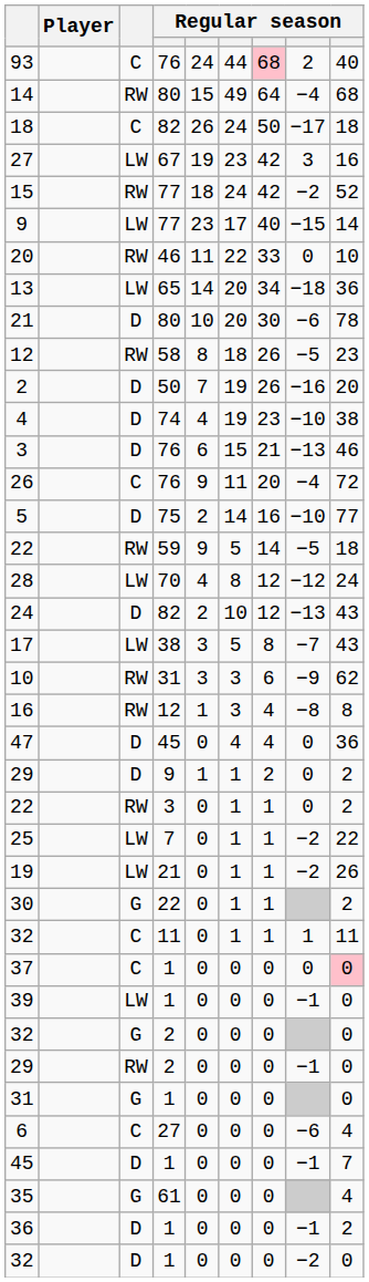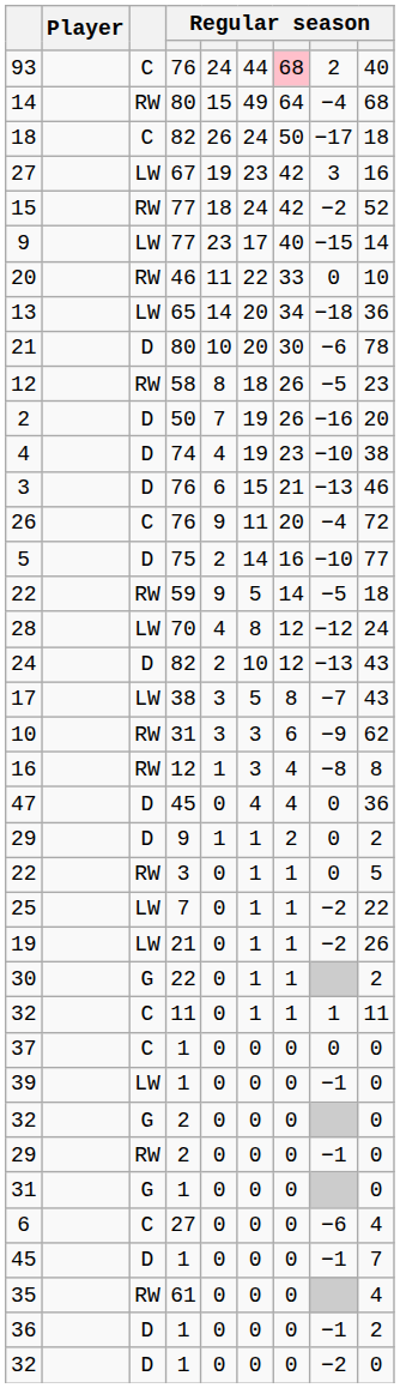 <table class="wikitable sortable plainrowheaders" style="text-align:center;">
 <tr>
 <th scope="col" data-sort-type="number" rowspan="2"></th>
 <th scope="col" rowspan="2">Player</th>
 <th scope="col" rowspan="2"></th>
 <th scope=colgroup colspan=6>Regular season</th>
 </tr>
 <tr>
 <th scope="col" data-sort-type="number"></th>
 <th scope="col" data-sort-type="number"></th>
 <th scope="col" data-sort-type="number"></th>
 <th scope="col" data-sort-type="number"></th>
 <th scope="col" data-sort-type="number"></th>
 <th scope="col" data-sort-type="number"></th>
 </tr>
 <tr>
 <td scope="row">93</td>
 <td align="left"></td>
 <td>C</td>
 <td>76</td>
 <td>24</td>
 <td>44</td>
 <td style="background: pink;">68</td>
 <td>2</td>
 <td>40</td>
 </tr>
 <tr>
 <td scope="row">14</td>
 <td align="left"></td>
 <td>RW</td>
 <td>80</td>
 <td>15</td>
 <td>49</td>
 <td>64</td>
 <td>−4</td>
 <td>68</td>
 </tr>
 <tr>
 <td scope="row">18</td>
 <td align="left"></td>
 <td>C</td>
 <td>82</td>
 <td>26</td>
 <td>24</td>
 <td>50</td>
 <td>−17</td>
 <td>18</td>
 </tr>
 <tr>
 <td scope="row">27</td>
 <td align="left"></td>
 <td>LW</td>
 <td>67</td>
 <td>19</td>
 <td>23</td>
 <td>42</td>
 <td>3</td>
 <td>16</td>
 </tr>
 <tr>
 <td scope="row">15</td>
 <td align="left"></td>
 <td>RW</td>
 <td>77</td>
 <td>18</td>
 <td>24</td>
 <td>42</td>
 <td>−2</td>
 <td>52</td>
 </tr>
 <tr>
 <td scope="row">9</td>
 <td align="left"></td>
 <td>LW</td>
 <td>77</td>
 <td>23</td>
 <td>17</td>
 <td>40</td>
 <td>−15</td>
 <td>14</td>
 </tr>
 <tr>
 <td scope="row">20</td>
 <td align="left"></td>
 <td>RW</td>
 <td>46</td>
 <td>11</td>
 <td>22</td>
 <td>33</td>
 <td>0</td>
 <td>10</td>
 </tr>
 <tr>
 <td scope="row">13</td>
 <td align="left"></td>
 <td>LW</td>
 <td>65</td>
 <td>14</td>
 <td>20</td>
 <td>34</td>
 <td>−18</td>
 <td>36</td>
 </tr>
 <tr>
 <td scope="row">21</td>
 <td align="left"></td>
 <td>D</td>
 <td>80</td>
 <td>10</td>
 <td>20</td>
 <td>30</td>
 <td>−6</td>
 <td>78</td>
 </tr>
 <tr>
 <td scope="row">12</td>
 <td align="left"></td>
 <td>RW</td>
 <td>58</td>
 <td>8</td>
 <td>18</td>
 <td>26</td>
 <td>−5</td>
 <td>23</td>
 </tr>
 <tr>
 <td scope="row">2</td>
 <td align="left"></td>
 <td>D</td>
 <td>50</td>
 <td>7</td>
 <td>19</td>
 <td>26</td>
 <td>−16</td>
 <td>20</td>
 </tr>
 <tr>
 <td scope="row">4</td>
 <td align="left"></td>
 <td>D</td>
 <td>74</td>
 <td>4</td>
 <td>19</td>
 <td>23</td>
 <td>−10</td>
 <td>38</td>
 </tr>
 <tr>
 <td scope="row">3</td>
 <td align="left"></td>
 <td>D</td>
 <td>76</td>
 <td>6</td>
 <td>15</td>
 <td>21</td>
 <td>−13</td>
 <td>46</td>
 </tr>
 <tr>
 <td scope="row">26</td>
 <td align="left"></td>
 <td>C</td>
 <td>76</td>
 <td>9</td>
 <td>11</td>
 <td>20</td>
 <td>−4</td>
 <td>72</td>
 </tr>
 <tr>
 <td scope="row">5</td>
 <td align="left"></td>
 <td>D</td>
 <td>75</td>
 <td>2</td>
 <td>14</td>
 <td>16</td>
 <td>−10</td>
 <td>77</td>
 </tr>
 <tr>
 <td scope="row">22</td>
 <td align="left"></td>
 <td>RW</td>
 <td>59</td>
 <td>9</td>
 <td>5</td>
 <td>14</td>
 <td>−5</td>
 <td>18</td>
 </tr>
 <tr>
 <td scope="row">28</td>
 <td align="left"></td>
 <td>LW</td>
 <td>70</td>
 <td>4</td>
 <td>8</td>
 <td>12</td>
 <td>−12</td>
 <td>24</td>
 </tr>
 <tr>
 <td scope="row">24</td>
 <td align="left"></td>
 <td>D</td>
 <td>82</td>
 <td>2</td>
 <td>10</td>
 <td>12</td>
 <td>−13</td>
 <td>43</td>
 </tr>
 <tr>
 <td scope="row">17</td>
 <td align="left"></td>
 <td>LW</td>
 <td>38</td>
 <td>3</td>
 <td>5</td>
 <td>8</td>
 <td>−7</td>
 <td>43</td>
 </tr>
 <tr>
 <td scope="row">10</td>
 <td align="left"></td>
 <td>RW</td>
 <td>31</td>
 <td>3</td>
 <td>3</td>
 <td>6</td>
 <td>−9</td>
 <td>62</td>
 </tr>
 <tr>
 <td scope="row">16</td>
 <td align="left"></td>
 <td>RW</td>
 <td>12</td>
 <td>1</td>
 <td>3</td>
 <td>4</td>
 <td>−8</td>
 <td>8</td>
 </tr>
 <tr>
 <td scope="row">47</td>
 <td align="left"></td>
 <td>D</td>
 <td>45</td>
 <td>0</td>
 <td>4</td>
 <td>4</td>
 <td>0</td>
 <td>36</td>
 </tr>
 <tr>
 <td scope="row">29</td>
 <td align="left"></td>
 <td>D</td>
 <td>9</td>
 <td>1</td>
 <td>1</td>
 <td>2</td>
 <td>0</td>
 <td>2</td>
 </tr>
 <tr>
 <td scope="row">22</td>
 <td align="left"></td>
 <td>RW</td>
 <td>3</td>
 <td>0</td>
 <td>1</td>
 <td>1</td>
 <td>0</td>
-<td>2</td>
+<td>5</td>
 </tr>
 <tr>
 <td scope="row">25</td>
 <td align="left"></td>
 <td>LW</td>
 <td>7</td>
 <td>0</td>
 <td>1</td>
 <td>1</td>
 <td>−2</td>
 <td>22</td>
 </tr>
 <tr>
 <td scope="row">19</td>
 <td align="left"></td>
 <td>LW</td>
 <td>21</td>
 <td>0</td>
 <td>1</td>
 <td>1</td>
 <td>−2</td>
 <td>26</td>
 </tr>
 <tr>
 <td scope="row">30</td>
 <td align="left"></td>
 <td>G</td>
 <td>22</td>
 <td>0</td>
 <td>1</td>
 <td>1</td>
 <td style="background:#ccc"></td>
 <td>2</td>
 </tr>
 <tr>
 <td scope="row">32</td>
 <td align="left"></td>
 <td>C</td>
 <td>11</td>
 <td>0</td>
 <td>1</td>
 <td>1</td>
 <td>1</td>
 <td>11</td>
 </tr>
 <tr>
 <td scope="row">37</td>
 <td align="left"></td>
 <td>C</td>
 <td>1</td>
 <td>0</td>
 <td>0</td>
 <td>0</td>
 <td>0</td>
-<td style="background: pink;">0</td>
+<td>0</td>
 </tr>
 <tr>
 <td scope="row">39</td>
 <td align="left"></td>
 <td>LW</td>
 <td>1</td>
 <td>0</td>
 <td>0</td>
 <td>0</td>
 <td>−1</td>
 <td>0</td>
 </tr>
 <tr>
 <td scope="row">32</td>
 <td align="left"></td>
 <td>G</td>
 <td>2</td>
 <td>0</td>
 <td>0</td>
 <td>0</td>
 <td style="background:#ccc"></td>
 <td>0</td>
 </tr>
 <tr>
 <td scope="row">29</td>
 <td align="left"></td>
 <td>RW</td>
 <td>2</td>
 <td>0</td>
 <td>0</td>
 <td>0</td>
 <td>−1</td>
 <td>0</td>
 </tr>
 <tr>
 <td scope="row">31</td>
 <td align="left"></td>
 <td>G</td>
 <td>1</td>
 <td>0</td>
 <td>0</td>
 <td>0</td>
 <td style="background:#ccc"></td>
 <td>0</td>
 </tr>
 <tr>
 <td scope="row">6</td>
 <td align="left"></td>
 <td>C</td>
 <td>27</td>
 <td>0</td>
 <td>0</td>
 <td>0</td>
 <td>−6</td>
 <td>4</td>
 </tr>
 <tr>
 <td scope="row">45</td>
 <td align="left"></td>
 <td>D</td>
 <td>1</td>
 <td>0</td>
 <td>0</td>
 <td>0</td>
 <td>−1</td>
 <td>7</td>
 </tr>
 <tr>
 <td scope="row">35</td>
 <td align="left"></td>
-<td>G</td>
+<td>RW</td>
 <td>61</td>
 <td>0</td>
 <td>0</td>
 <td>0</td>
 <td style="background:#ccc"></td>
 <td>4</td>
 </tr>
 <tr>
 <td scope="row">36</td>
 <td align="left"></td>
 <td>D</td>
 <td>1</td>
 <td>0</td>
 <td>0</td>
 <td>0</td>
 <td>−1</td>
 <td>2</td>
 </tr>
 <tr>
 <td scope="row">32</td>
 <td align="left"></td>
 <td>D</td>
 <td>1</td>
 <td>0</td>
 <td>0</td>
 <td>0</td>
 <td>−2</td>
 <td>0</td>
 </tr>
 </table>
